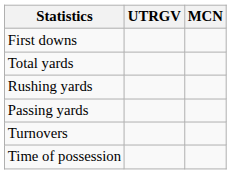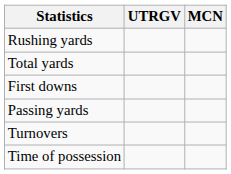 <table class="wikitable" style="float:left">
 <tr>
 <th>Statistics</th>
 <th>UTRGV</th>
 <th>MCN</th>
 </tr>
 <tr>
-<td>First downs</td>
+<td>Rushing yards</td>
 <td></td>
 <td></td>
 </tr>
 <tr>
 <td>Total yards</td>
 <td></td>
 <td></td>
 </tr>
 <tr>
-<td>Rushing yards</td>
+<td>First downs</td>
 <td></td>
 <td></td>
 </tr>
 <tr>
 <td>Passing yards</td>
 <td></td>
 <td></td>
 </tr>
 <tr>
 <td>Turnovers</td>
 <td></td>
 <td></td>
 </tr>
 <tr>
 <td>Time of possession</td>
 <td></td>
 <td></td>
 </tr>
 </table>
